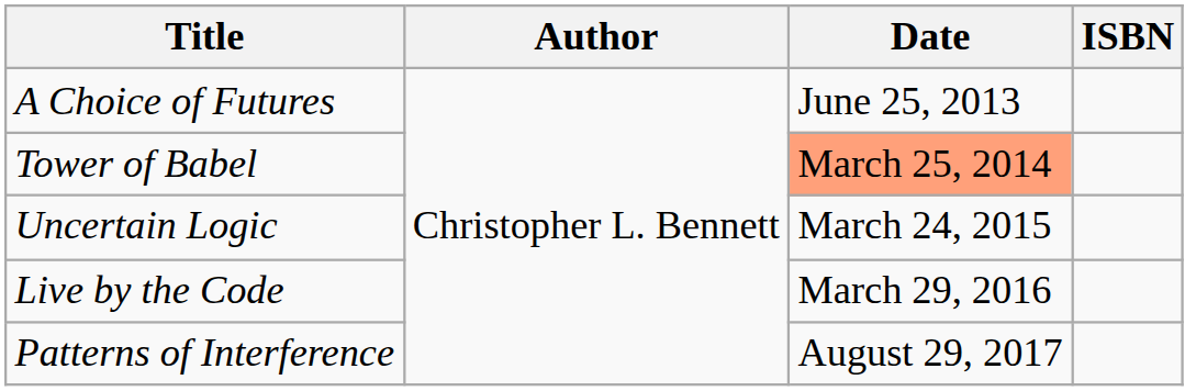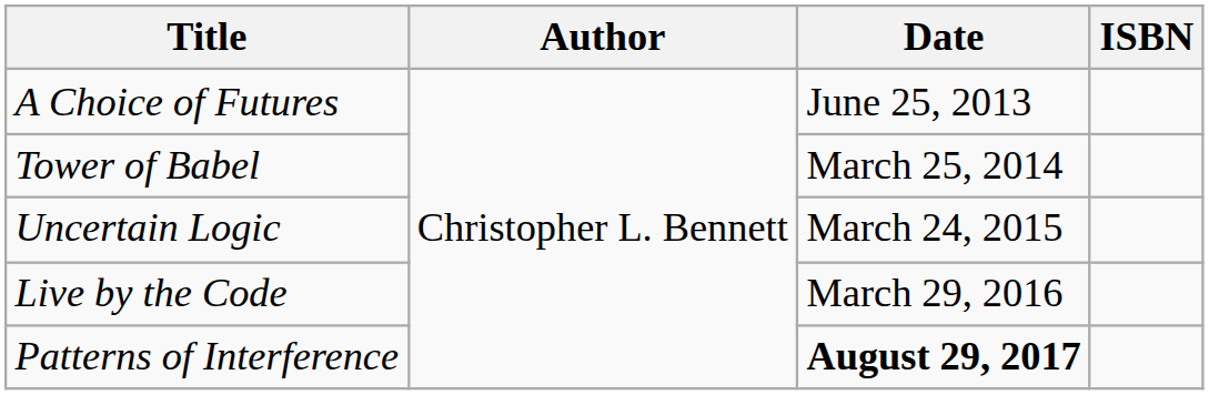 <table class="wikitable">
 <tr>
 <th>Title</th>
 <th>Author</th>
 <th>Date</th>
 <th>ISBN</th>
 </tr>
 <tr>
 <td><em>A Choice of Futures</em></td>
 <td rowspan="5">Christopher L. Bennett</td>
 <td>June 25, 2013</td>
 <td></td>
 </tr>
 <tr>
 <td><em>Tower of Babel</em></td>
-<td style="background: lightsalmon;">March 25, 2014</td>
+<td>March 25, 2014</td>
 <td></td>
 </tr>
 <tr>
 <td><em>Uncertain Logic</em></td>
 <td>March 24, 2015</td>
 <td></td>
 </tr>
 <tr>
 <td><em>Live by the Code</em></td>
 <td>March 29, 2016</td>
 <td></td>
 </tr>
 <tr>
 <td><em>Patterns of Interference</em></td>
-<td>August 29, 2017</td>
+<td><strong>August 29, 2017</strong></td>
 <td></td>
 </tr>
 </table>
